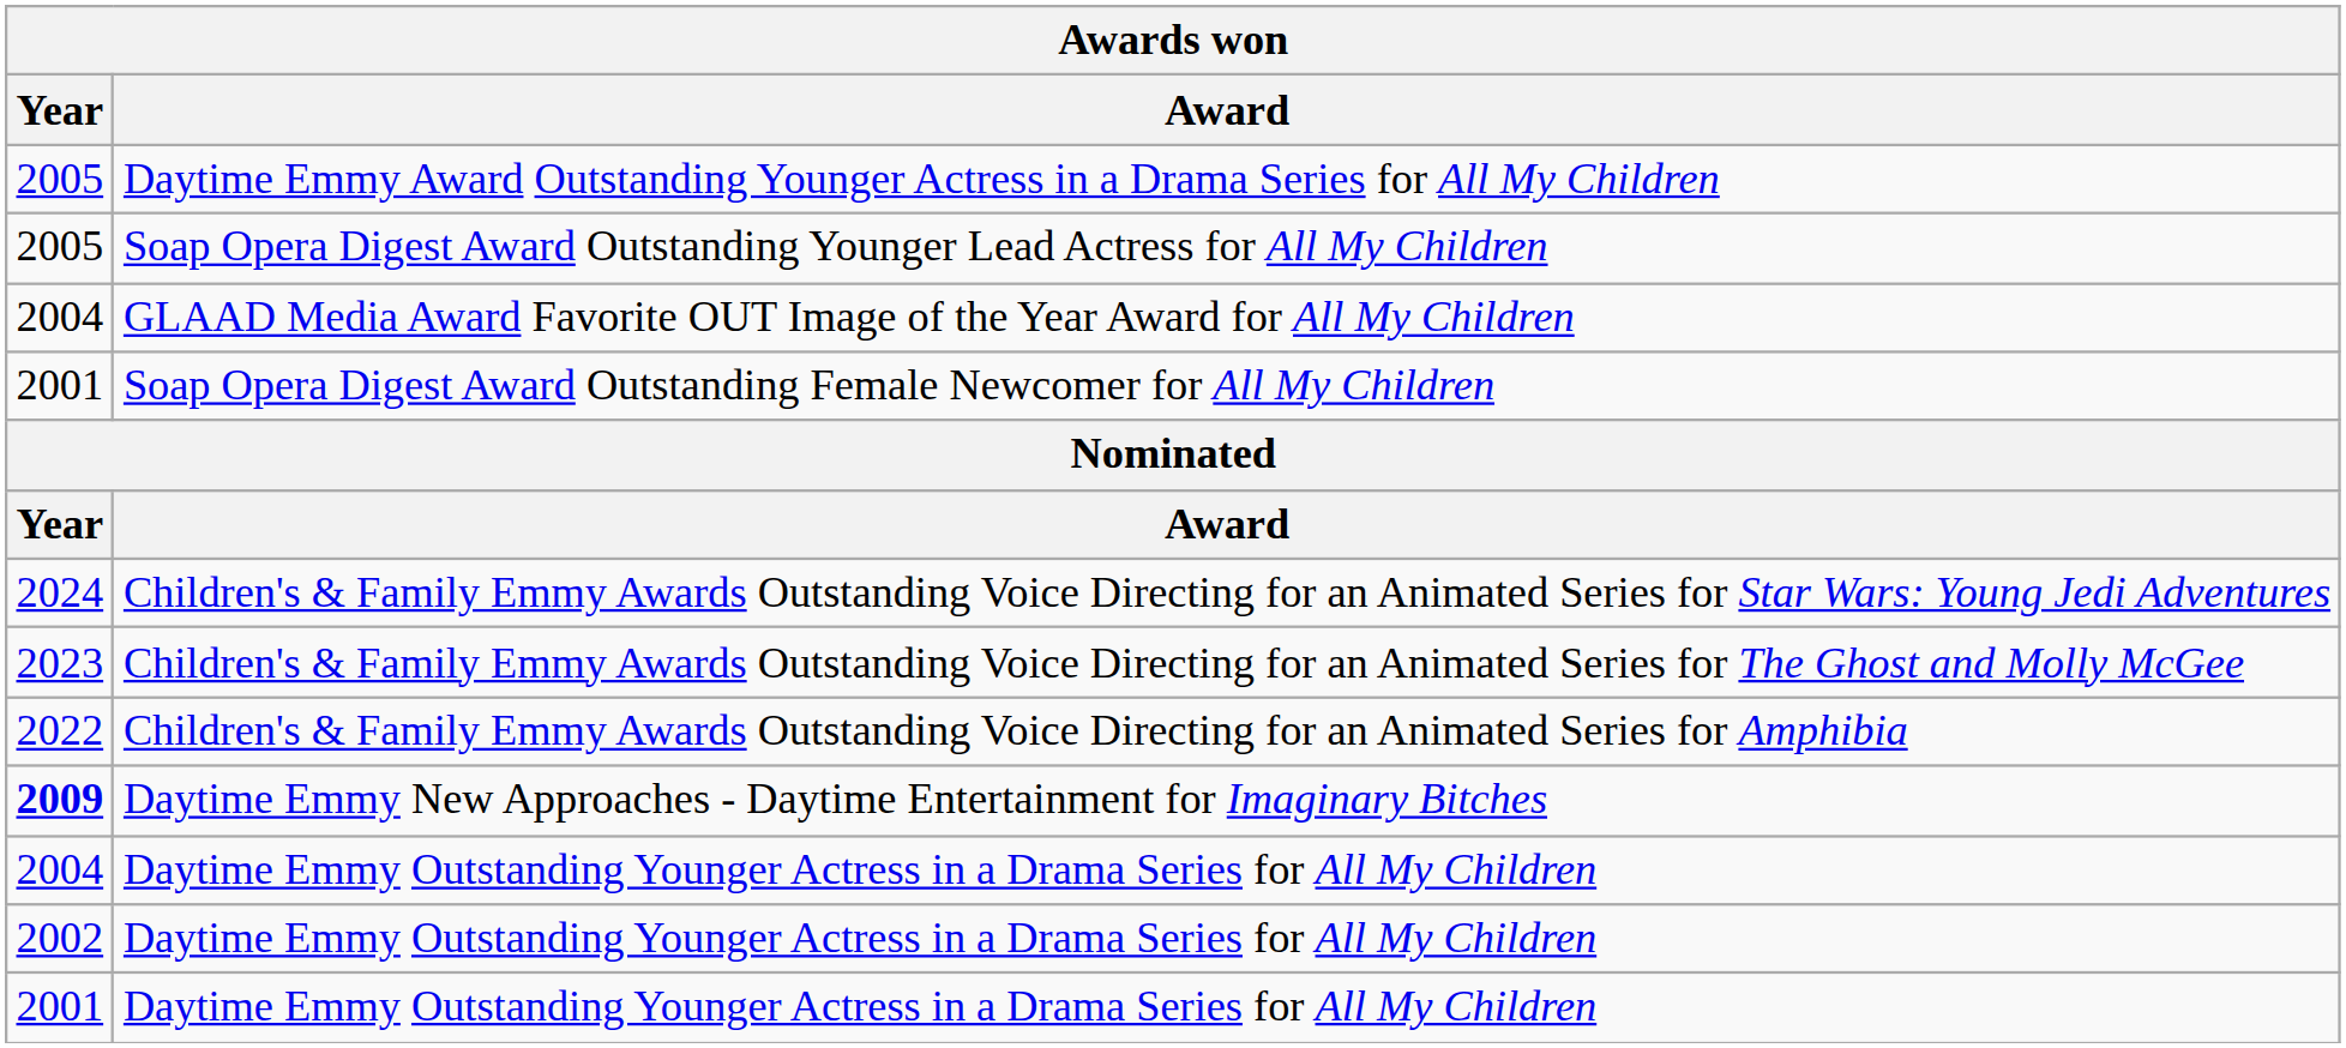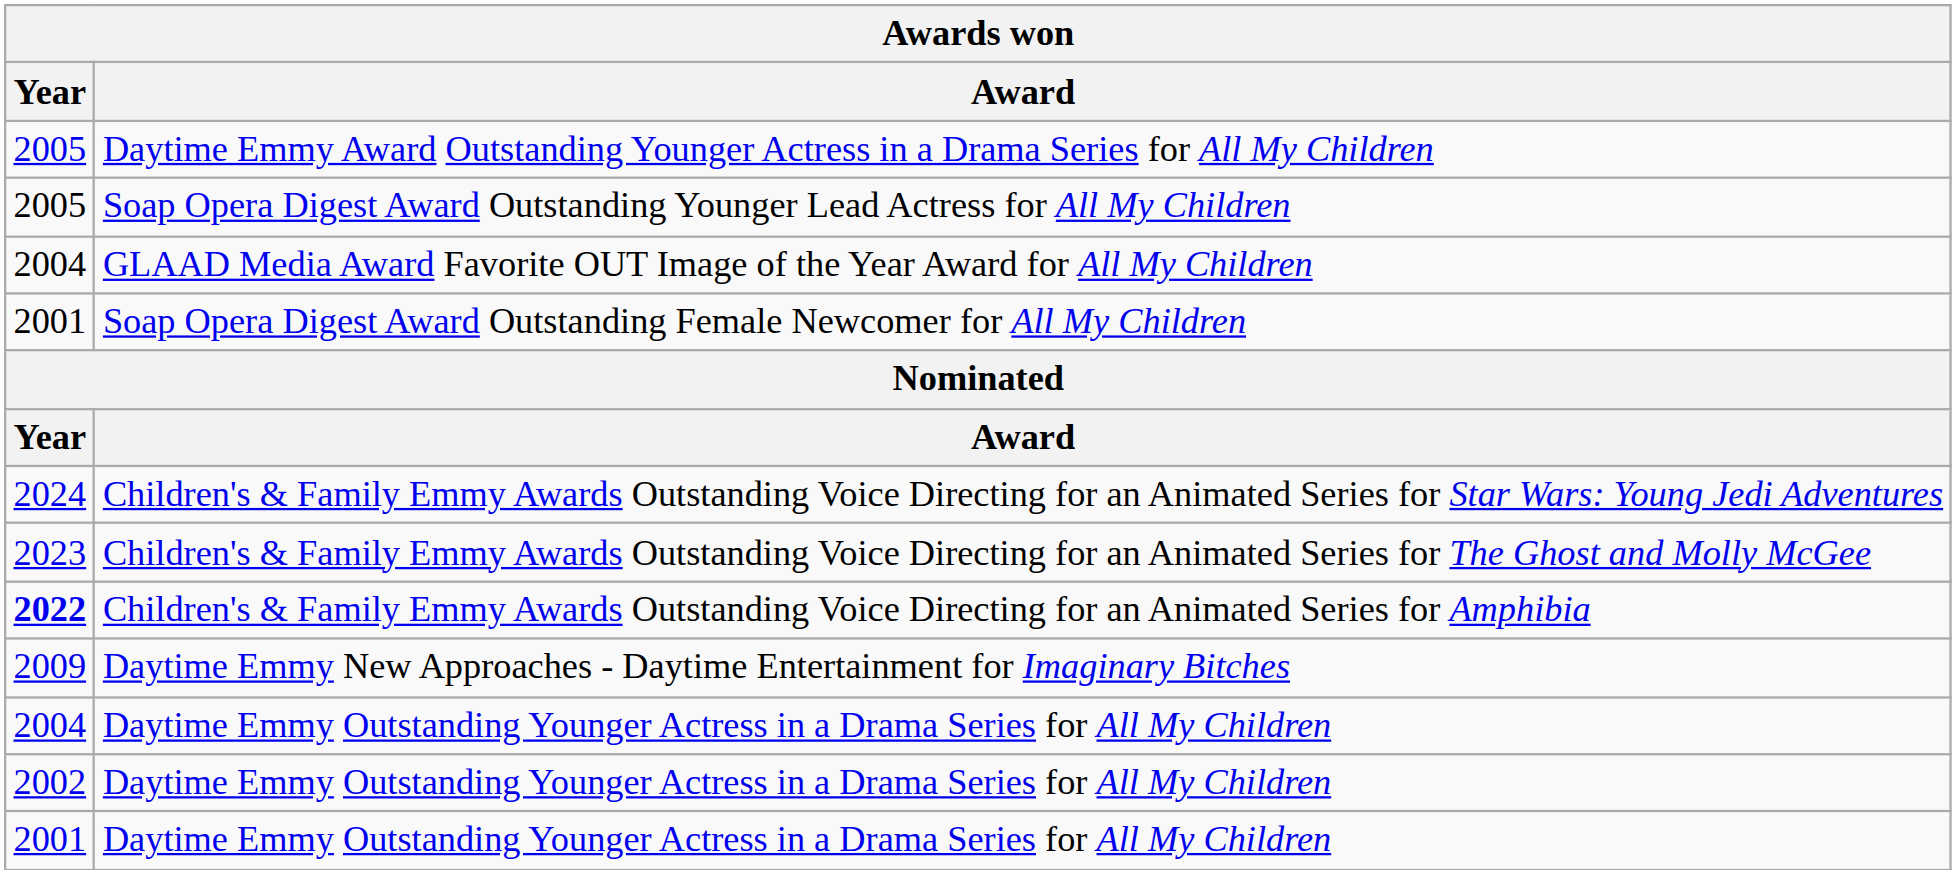 <table class="wikitable">
 <tr>
 <th colspan="4">Awards won</th>
 </tr>
 <tr>
 <th>Year</th>
 <th>Award</th>
 </tr>
 <tr>
 <td><a href='#'>2005</a></td>
 <td><a href='#'>Daytime Emmy Award</a> <a href='#'>Outstanding Younger Actress in a Drama Series</a> for <em><a href='#'>All My Children</a></em></td>
 </tr>
 <tr>
 <td>2005</td>
 <td><a href='#'>Soap Opera Digest Award</a> Outstanding Younger Lead Actress for <em><a href='#'>All My Children</a></em></td>
 </tr>
 <tr>
 <td>2004</td>
 <td><a href='#'>GLAAD Media Award</a> Favorite OUT Image of the Year Award for <em><a href='#'>All My Children</a></em></td>
 </tr>
 <tr>
 <td>2001</td>
 <td><a href='#'>Soap Opera Digest Award</a> Outstanding Female Newcomer for <em><a href='#'>All My Children</a></em></td>
 </tr>
 <tr>
 <th colspan="6">Nominated</th>
 </tr>
 <tr>
 <th>Year</th>
 <th>Award</th>
 </tr>
 <tr>
 <td><a href='#'>2024</a></td>
 <td><a href='#'>Children's & Family Emmy Awards</a> Outstanding Voice Directing for an Animated Series for <em><a href='#'>Star Wars: Young Jedi Adventures</a></em></td>
 </tr>
 <tr>
 <td><a href='#'>2023</a></td>
 <td><a href='#'>Children's & Family Emmy Awards</a> Outstanding Voice Directing for an Animated Series for <em><a href='#'>The Ghost and Molly McGee</a></em></td>
 </tr>
 <tr>
-<td><a href='#'>2022</a></td>
+<td><strong><a href='#'>2022</a></strong></td>
 <td><a href='#'>Children's & Family Emmy Awards</a> Outstanding Voice Directing for an Animated Series for <em><a href='#'>Amphibia</a></em></td>
 </tr>
 <tr>
-<td><strong><a href='#'>2009</a></strong></td>
+<td><a href='#'>2009</a></td>
 <td><a href='#'>Daytime Emmy</a> New Approaches - Daytime Entertainment for <em><a href='#'>Imaginary Bitches</a></em></td>
 </tr>
 <tr>
 <td><a href='#'>2004</a></td>
 <td><a href='#'>Daytime Emmy</a> <a href='#'>Outstanding Younger Actress in a Drama Series</a> for <em><a href='#'>All My Children</a></em></td>
 </tr>
 <tr>
 <td><a href='#'>2002</a></td>
 <td><a href='#'>Daytime Emmy</a> <a href='#'>Outstanding Younger Actress in a Drama Series</a> for <em><a href='#'>All My Children</a></em></td>
 </tr>
 <tr>
 <td><a href='#'>2001</a></td>
 <td><a href='#'>Daytime Emmy</a> <a href='#'>Outstanding Younger Actress in a Drama Series</a> for <em><a href='#'>All My Children</a></em></td>
 </tr>
 </table>
